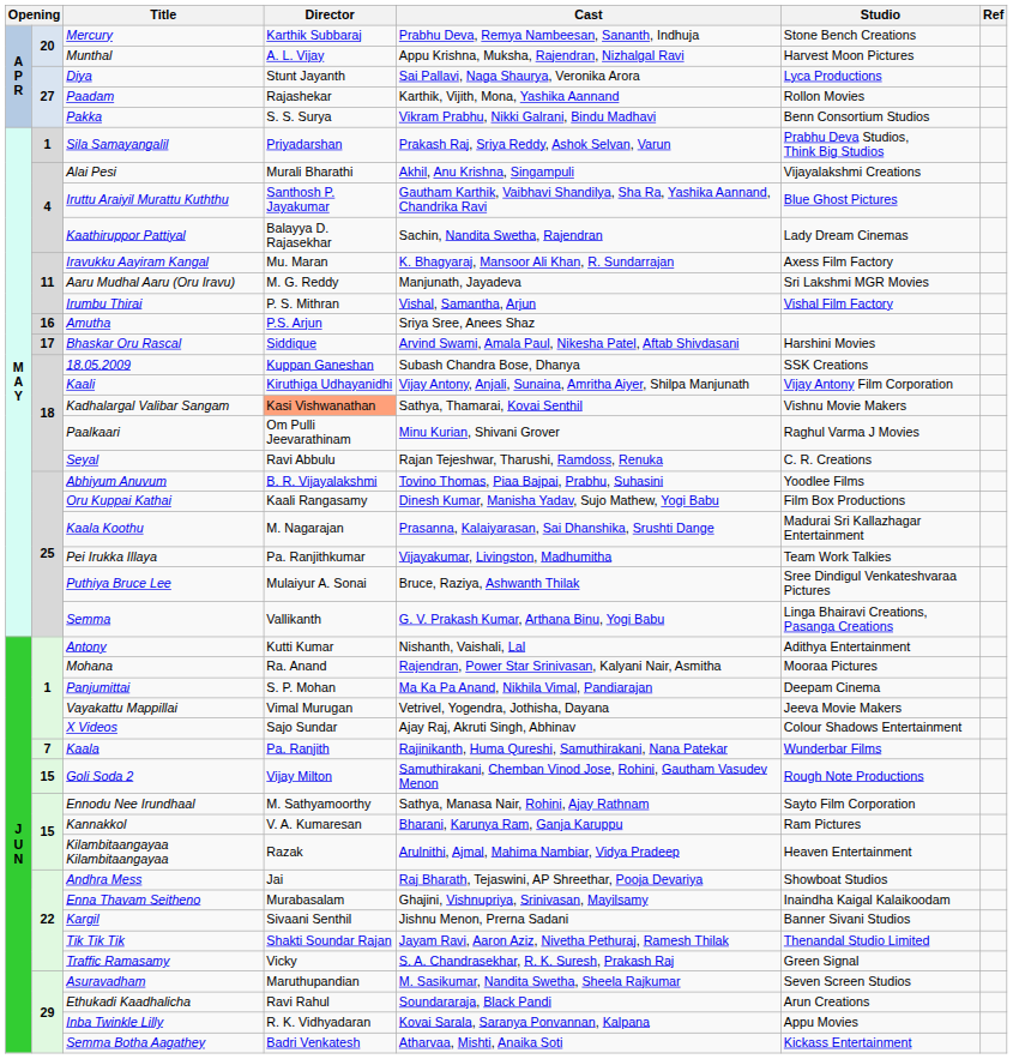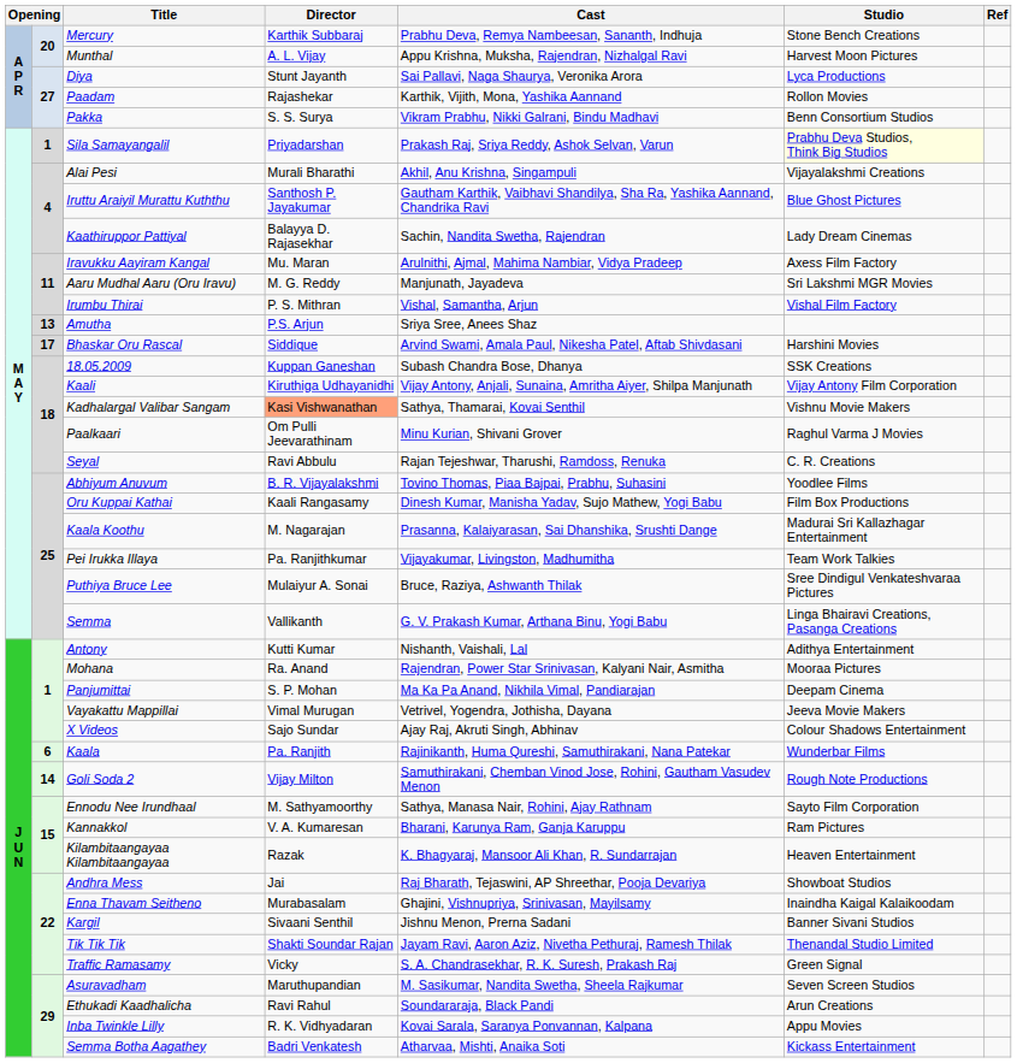 <table class="wikitable sortable">
 <tr style="background">
 <th colspan="2">Opening</th>
 <th style="width:20%;">Title</th>
 <th>Director</th>
 <th>Cast</th>
 <th>Studio</th>
 <th>Ref</th>
 </tr>
 <tr April!>
 <td rowspan="5" style="text-align:center; background:#b4cae3; textcolor:#000;"><strong>A<br>P<br>R</strong></td>
 <td rowspan="2" style="text-align:center;background:#d9e4f1;"><strong>20</strong></td>
 <td><em><a href='#'>Mercury</a></em></td>
 <td><a href='#'>Karthik Subbaraj</a></td>
 <td><a href='#'>Prabhu Deva</a>, <a href='#'>Remya Nambeesan</a>, <a href='#'>Sananth</a>, Indhuja</td>
 <td>Stone Bench Creations</td>
 <td></td>
 </tr>
 <tr>
 <td><em>Munthal</em></td>
 <td><a href='#'>A. L. Vijay</a></td>
 <td>Appu Krishna, Muksha, <a href='#'>Rajendran</a>, <a href='#'>Nizhalgal Ravi</a></td>
 <td>Harvest Moon Pictures</td>
 <td></td>
 </tr>
 <tr>
 <td rowspan="3" style="text-align:center;background:#d9e4f1;"><strong>27</strong></td>
 <td><em><a href='#'>Diya</a></em></td>
 <td>Stunt Jayanth</td>
 <td><a href='#'>Sai Pallavi</a>, <a href='#'>Naga Shaurya</a>, Veronika Arora</td>
 <td><a href='#'>Lyca Productions</a></td>
 <td></td>
 </tr>
 <tr>
 <td><em><a href='#'>Paadam</a></em></td>
 <td>Rajashekar</td>
 <td>Karthik, Vijith, Mona, <a href='#'>Yashika Aannand</a></td>
 <td>Rollon Movies</td>
 <td></td>
 </tr>
 <tr>
 <td><em><a href='#'>Pakka</a></em></td>
 <td>S. S. Surya</td>
 <td><a href='#'>Vikram Prabhu</a>, <a href='#'>Nikki Galrani</a>, <a href='#'>Bindu Madhavi</a></td>
 <td>Benn Consortium Studios</td>
 <td></td>
 </tr>
 <tr May!>
 <td rowspan="20" style="text-align:center; background:#d5fdf4;"><strong>M<br>A<br>Y</strong></td>
 <td rowspan="1" style="text-align:center; background:#d8d8d8;"><strong>1</strong></td>
 <td><em><a href='#'>Sila Samayangalil</a></em></td>
 <td><a href='#'>Priyadarshan</a></td>
 <td><a href='#'>Prakash Raj</a>, <a href='#'>Sriya Reddy</a>, <a href='#'>Ashok Selvan</a>, <a href='#'>Varun</a></td>
-<td><a href='#'>Prabhu Deva</a> Studios,<br><a href='#'>Think Big Studios</a></td>
+<td style="background: lightyellow;"><a href='#'>Prabhu Deva</a> Studios,<br><a href='#'>Think Big Studios</a></td>
 <td></td>
 </tr>
 <tr>
 <td rowspan="3" style="text-align:center; background:#d8d8d8;"><strong>4</strong></td>
 <td><em>Alai Pesi</em></td>
 <td>Murali Bharathi</td>
 <td><a href='#'>Akhil</a>, <a href='#'>Anu Krishna</a>, <a href='#'>Singampuli</a></td>
 <td>Vijayalakshmi Creations</td>
 <td></td>
 </tr>
 <tr>
 <td><em><a href='#'>Iruttu Araiyil Murattu Kuththu</a></em></td>
 <td><a href='#'>Santhosh P. Jayakumar</a></td>
 <td><a href='#'>Gautham Karthik</a>, <a href='#'>Vaibhavi Shandilya</a>, <a href='#'>Sha Ra</a>, <a href='#'>Yashika Aannand</a>, <a href='#'>Chandrika Ravi</a></td>
 <td><a href='#'>Blue Ghost Pictures</a></td>
 <td></td>
 </tr>
 <tr>
 <td><em><a href='#'>Kaathiruppor Pattiyal</a></em></td>
 <td>Balayya D. Rajasekhar</td>
 <td>Sachin, <a href='#'>Nandita Swetha</a>, <a href='#'>Rajendran</a></td>
 <td>Lady Dream Cinemas</td>
 <td></td>
 </tr>
 <tr>
 <td rowspan="3" style="text-align:center; background:#d8d8d8;"><strong>11</strong></td>
 <td><em><a href='#'>Iravukku Aayiram Kangal</a></em></td>
 <td>Mu. Maran</td>
-<td><a href='#'>K. Bhagyaraj</a>, <a href='#'>Mansoor Ali Khan</a>, <a href='#'>R. Sundarrajan</a></td>
+<td><a href='#'>Arulnithi</a>, <a href='#'>Ajmal</a>, <a href='#'>Mahima Nambiar</a>, <a href='#'>Vidya Pradeep</a></td>
 <td>Axess Film Factory</td>
 <td></td>
 </tr>
 <tr>
 <td><em>Aaru Mudhal Aaru (Oru Iravu)</em></td>
 <td>M. G. Reddy</td>
 <td>Manjunath, Jayadeva</td>
 <td>Sri Lakshmi MGR Movies</td>
 <td></td>
 </tr>
 <tr>
 <td><em><a href='#'>Irumbu Thirai</a></em></td>
 <td>P. S. Mithran</td>
 <td><a href='#'>Vishal</a>, <a href='#'>Samantha</a>, <a href='#'>Arjun</a></td>
 <td><a href='#'>Vishal Film Factory</a></td>
 <td></td>
 </tr>
 <tr>
-<td rowspan="1" style="text-align:center; background:#d8d8d8;"><strong>16</strong></td>
+<td rowspan="1" style="text-align:center; background:#d8d8d8;"><strong>13</strong></td>
 <td><em><a href='#'>Amutha</a></em></td>
 <td><a href='#'>P.S. Arjun</a></td>
 <td>Sriya Sree, Anees Shaz</td>
 <td></td>
 <td></td>
 </tr>
 <tr>
 <td rowspan="1" style="text-align:center; background:#d8d8d8;"><strong>17</strong></td>
 <td><em><a href='#'>Bhaskar Oru Rascal</a></em></td>
 <td><a href='#'>Siddique</a></td>
 <td><a href='#'>Arvind Swami</a>, <a href='#'>Amala Paul</a>, <a href='#'>Nikesha Patel</a>, <a href='#'>Aftab Shivdasani</a></td>
 <td>Harshini Movies</td>
 <td></td>
 </tr>
 <tr>
 <td rowspan="5" style="text-align:center; background:#d8d8d8;"><strong>18</strong></td>
 <td><em><a href='#'>18.05.2009</a></em></td>
 <td><a href='#'>Kuppan Ganeshan</a></td>
 <td>Subash Chandra Bose, Dhanya</td>
 <td>SSK Creations</td>
 <td></td>
 </tr>
 <tr>
 <td><em><a href='#'>Kaali</a></em></td>
 <td><a href='#'>Kiruthiga Udhayanidhi</a></td>
 <td><a href='#'>Vijay Antony</a>, <a href='#'>Anjali</a>, <a href='#'>Sunaina</a>, <a href='#'>Amritha Aiyer</a>, Shilpa Manjunath</td>
 <td><a href='#'>Vijay Antony</a> Film Corporation</td>
 <td></td>
 </tr>
 <tr>
 <td><em>Kadhalargal Valibar Sangam</em></td>
 <td style="background: lightsalmon;">Kasi Vishwanathan</td>
 <td>Sathya, Thamarai, <a href='#'>Kovai Senthil</a></td>
 <td>Vishnu Movie Makers</td>
 <td></td>
 </tr>
 <tr>
 <td><em>Paalkaari</em></td>
 <td>Om Pulli Jeevarathinam</td>
 <td><a href='#'>Minu Kurian</a>, Shivani Grover</td>
 <td>Raghul Varma J Movies</td>
 <td></td>
 </tr>
 <tr>
 <td><em><a href='#'>Seyal</a></em></td>
 <td>Ravi Abbulu</td>
 <td>Rajan Tejeshwar, Tharushi, <a href='#'>Ramdoss</a>, <a href='#'>Renuka</a></td>
 <td>C. R. Creations</td>
 <td></td>
 </tr>
 <tr>
 <td rowspan="6" style="text-align:center; background:#d8d8d8;"><strong>25</strong></td>
 <td><em><a href='#'>Abhiyum Anuvum</a></em></td>
 <td><a href='#'>B. R. Vijayalakshmi</a></td>
 <td><a href='#'>Tovino Thomas</a>, <a href='#'>Piaa Bajpai</a>, <a href='#'>Prabhu</a>, <a href='#'>Suhasini</a></td>
 <td>Yoodlee Films</td>
 <td></td>
 </tr>
 <tr>
 <td><em><a href='#'>Oru Kuppai Kathai</a></em></td>
 <td>Kaali Rangasamy</td>
 <td><a href='#'>Dinesh Kumar</a>, <a href='#'>Manisha Yadav</a>, Sujo Mathew, <a href='#'>Yogi Babu</a></td>
 <td>Film Box Productions</td>
 <td></td>
 </tr>
 <tr>
 <td><em><a href='#'>Kaala Koothu</a></em></td>
 <td>M. Nagarajan</td>
 <td><a href='#'>Prasanna</a>, <a href='#'>Kalaiyarasan</a>, <a href='#'>Sai Dhanshika</a>, <a href='#'>Srushti Dange</a></td>
 <td>Madurai Sri Kallazhagar Entertainment</td>
 <td></td>
 </tr>
 <tr>
 <td><em>Pei Irukka Illaya</em></td>
 <td>Pa. Ranjithkumar</td>
 <td><a href='#'>Vijayakumar</a>, <a href='#'>Livingston</a>, <a href='#'>Madhumitha</a></td>
 <td>Team Work Talkies</td>
 <td></td>
 </tr>
 <tr>
 <td><em><a href='#'>Puthiya Bruce Lee</a></em></td>
 <td>Mulaiyur A. Sonai</td>
 <td>Bruce, Raziya, <a href='#'>Ashwanth Thilak</a></td>
 <td>Sree Dindigul Venkateshvaraa Pictures</td>
 <td></td>
 </tr>
 <tr>
 <td><em><a href='#'>Semma</a></em></td>
 <td>Vallikanth</td>
 <td><a href='#'>G. V. Prakash Kumar</a>, <a href='#'>Arthana Binu</a>, <a href='#'>Yogi Babu</a></td>
 <td>Linga Bhairavi Creations, <br><a href='#'>Pasanga Creations</a></td>
 <td></td>
 </tr>
 <tr>
 <td rowspan="19" style="text-align:center; background:#32CD32;"><strong>J<br>U<br>N</strong></td>
 <td rowspan="5" style="text-align:center; background:#e0f9e0;"><strong>1</strong></td>
 <td><em><a href='#'>Antony</a></em></td>
 <td>Kutti Kumar</td>
 <td>Nishanth, Vaishali, <a href='#'>Lal</a></td>
 <td>Adithya Entertainment</td>
 <td></td>
 </tr>
 <tr>
 <td><em>Mohana</em></td>
 <td>Ra. Anand</td>
 <td><a href='#'>Rajendran</a>, <a href='#'>Power Star Srinivasan</a>, Kalyani Nair, Asmitha</td>
 <td>Mooraa Pictures</td>
 <td></td>
 </tr>
 <tr>
 <td><em><a href='#'>Panjumittai</a></em></td>
 <td>S. P. Mohan</td>
 <td><a href='#'>Ma Ka Pa Anand</a>, <a href='#'>Nikhila Vimal</a>, <a href='#'>Pandiarajan</a></td>
 <td>Deepam Cinema</td>
 <td></td>
 </tr>
 <tr>
 <td><em>Vayakattu Mappillai</em></td>
 <td>Vimal Murugan</td>
 <td>Vetrivel, Yogendra, Jothisha, Dayana</td>
 <td>Jeeva Movie Makers</td>
 <td></td>
 </tr>
 <tr>
 <td><a href='#'><em>X Videos</em></a></td>
 <td>Sajo Sundar</td>
 <td>Ajay Raj, Akruti Singh, Abhinav</td>
 <td>Colour Shadows Entertainment</td>
 <td></td>
 </tr>
 <tr>
-<td rowspan="1" style="text-align:center; background:#e0f9e0;"><strong>7</strong></td>
+<td rowspan="1" style="text-align:center; background:#e0f9e0;"><strong>6</strong></td>
 <td><em><a href='#'>Kaala</a></em></td>
 <td><a href='#'>Pa. Ranjith</a></td>
 <td><a href='#'>Rajinikanth</a>, <a href='#'>Huma Qureshi</a>, <a href='#'>Samuthirakani</a>, <a href='#'>Nana Patekar</a></td>
 <td><a href='#'>Wunderbar Films</a></td>
 <td></td>
 </tr>
 <tr>
-<td rowspan="1" style="text-align:center; background:#e0f9e0;"><strong>15</strong></td>
+<td rowspan="1" style="text-align:center; background:#e0f9e0;"><strong>14</strong></td>
 <td><em><a href='#'>Goli Soda 2</a></em></td>
 <td><a href='#'>Vijay Milton</a></td>
 <td><a href='#'>Samuthirakani</a>, <a href='#'>Chemban Vinod Jose</a>, <a href='#'>Rohini</a>, <a href='#'>Gautham Vasudev Menon</a></td>
 <td><a href='#'>Rough Note Productions</a></td>
 <td></td>
 </tr>
 <tr>
 <td rowspan="3" style="text-align:center; background:#e0f9e0;"><strong>15</strong></td>
 <td><em>Ennodu Nee Irundhaal</em></td>
 <td>M. Sathyamoorthy</td>
 <td>Sathya, Manasa Nair, <a href='#'>Rohini</a>, <a href='#'>Ajay Rathnam</a></td>
 <td>Sayto Film Corporation</td>
 <td></td>
 </tr>
 <tr>
 <td><em>Kannakkol</em></td>
 <td>V. A. Kumaresan</td>
 <td><a href='#'>Bharani</a>, <a href='#'>Karunya Ram</a>, <a href='#'>Ganja Karuppu</a></td>
 <td>Ram Pictures</td>
 <td></td>
 </tr>
 <tr>
 <td><em>Kilambitaangayaa Kilambitaangayaa</em></td>
 <td>Razak</td>
-<td><a href='#'>Arulnithi</a>, <a href='#'>Ajmal</a>, <a href='#'>Mahima Nambiar</a>, <a href='#'>Vidya Pradeep</a></td>
+<td><a href='#'>K. Bhagyaraj</a>, <a href='#'>Mansoor Ali Khan</a>, <a href='#'>R. Sundarrajan</a></td>
 <td>Heaven Entertainment</td>
 <td></td>
 </tr>
 <tr>
 <td rowspan="5" style="text-align:center; background:#e0f9e0;"><strong>22</strong></td>
 <td><em><a href='#'>Andhra Mess</a></em></td>
 <td>Jai</td>
 <td><a href='#'>Raj Bharath</a>, Tejaswini, AP Shreethar, <a href='#'>Pooja Devariya</a></td>
 <td>Showboat Studios</td>
 <td></td>
 </tr>
 <tr>
 <td><em><a href='#'>Enna Thavam Seitheno</a></em></td>
 <td>Murabasalam</td>
 <td>Ghajini, <a href='#'>Vishnupriya</a>, <a href='#'>Srinivasan</a>, <a href='#'>Mayilsamy</a></td>
 <td>Inaindha Kaigal Kalaikoodam</td>
 <td></td>
 </tr>
 <tr>
 <td><em><a href='#'>Kargil</a></em></td>
 <td>Sivaani Senthil</td>
 <td>Jishnu Menon, Prerna Sadani</td>
 <td>Banner Sivani Studios</td>
 <td></td>
 </tr>
 <tr>
 <td><em><a href='#'>Tik Tik Tik</a></em></td>
 <td><a href='#'>Shakti Soundar Rajan</a></td>
 <td><a href='#'>Jayam Ravi</a>, <a href='#'>Aaron Aziz</a>, <a href='#'>Nivetha Pethuraj</a>, <a href='#'>Ramesh Thilak</a></td>
 <td><a href='#'>Thenandal Studio Limited</a></td>
 <td></td>
 </tr>
 <tr>
 <td><em><a href='#'>Traffic Ramasamy</a></em></td>
 <td>Vicky</td>
 <td><a href='#'>S. A. Chandrasekhar</a>, <a href='#'>R. K. Suresh</a>, <a href='#'>Prakash Raj</a></td>
 <td>Green Signal</td>
 <td></td>
 </tr>
 <tr>
 <td rowspan="4" style="text-align:center; background:#e0f9e0;"><strong>29</strong></td>
 <td><em><a href='#'>Asuravadham</a></em></td>
 <td>Maruthupandian</td>
 <td><a href='#'>M. Sasikumar</a>, <a href='#'>Nandita Swetha</a>, <a href='#'>Sheela Rajkumar</a></td>
 <td>Seven Screen Studios</td>
 <td></td>
 </tr>
 <tr>
 <td><em>Ethukadi Kaadhalicha</em></td>
 <td>Ravi Rahul</td>
 <td><a href='#'>Soundararaja</a>, <a href='#'>Black Pandi</a></td>
 <td>Arun Creations</td>
 <td></td>
 </tr>
 <tr>
 <td><em><a href='#'>Inba Twinkle Lilly</a></em></td>
 <td>R. K. Vidhyadaran</td>
 <td><a href='#'>Kovai Sarala</a>, <a href='#'>Saranya Ponvannan</a>, <a href='#'>Kalpana</a></td>
 <td>Appu Movies</td>
 <td></td>
 </tr>
 <tr>
 <td><em><a href='#'>Semma Botha Aagathey</a></em></td>
 <td><a href='#'>Badri Venkatesh</a></td>
 <td><a href='#'>Atharvaa</a>, <a href='#'>Mishti</a>, <a href='#'>Anaika Soti</a></td>
 <td><a href='#'>Kickass Entertainment</a></td>
 <td></td>
 </tr>
 </table>
